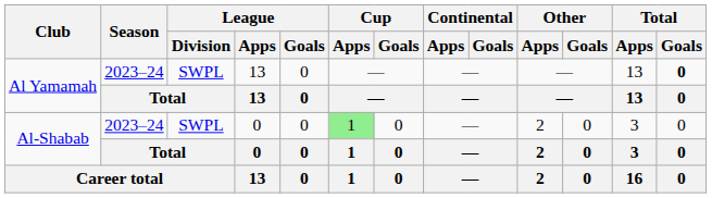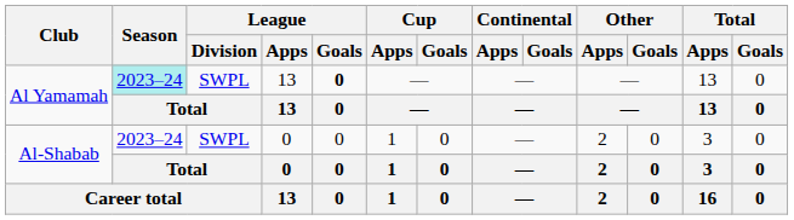 <table class="wikitable" style="text-align: center;">
 <tr>
 <th rowspan="2">Club</th>
 <th rowspan="2">Season</th>
 <th colspan="3">League</th>
 <th colspan="2">Cup</th>
 <th colspan="2">Continental</th>
 <th colspan="2">Other</th>
 <th colspan="2">Total</th>
 </tr>
 <tr>
 <th>Division</th>
 <th>Apps</th>
 <th>Goals</th>
 <th>Apps</th>
 <th>Goals</th>
 <th>Apps</th>
 <th>Goals</th>
 <th>Apps</th>
 <th>Goals</th>
 <th>Apps</th>
 <th>Goals</th>
 </tr>
 <tr>
 <td rowspan="2"><a href='#'>Al Yamamah</a></td>
-<td><a href='#'>2023–24</a></td>
+<td style="background: paleturquoise;"><a href='#'>2023–24</a></td>
 <td rowspan="1"><a href='#'>SWPL</a></td>
 <td>13</td>
-<td>0</td>
+<td><strong>0</strong></td>
 <td colspan="2">—</td>
 <td colspan="2">—</td>
 <td colspan="2">—</td>
 <td>13</td>
-<td><strong>0</strong></td>
+<td>0</td>
 </tr>
 <tr>
 <th colspan="2">Total</th>
 <th>13</th>
 <th>0</th>
 <th colspan="2">—</th>
 <th colspan="2">—</th>
 <th colspan="2">—</th>
 <th>13</th>
 <th>0</th>
 </tr>
 <tr>
 <td rowspan="2"><a href='#'>Al-Shabab</a></td>
 <td><a href='#'>2023–24</a></td>
 <td rowspan="1"><a href='#'>SWPL</a></td>
 <td>0</td>
 <td>0</td>
-<td style="background: lightgreen;">1</td>
+<td>1</td>
 <td>0</td>
 <td colspan="2">—</td>
 <td>2</td>
 <td>0</td>
 <td>3</td>
 <td>0</td>
 </tr>
 <tr>
 <th colspan="2">Total</th>
 <th>0</th>
 <th>0</th>
 <th>1</th>
 <th>0</th>
 <th colspan="2">—</th>
 <th>2</th>
 <th>0</th>
 <th>3</th>
 <th>0</th>
 </tr>
 <tr>
 <th colspan="3">Career total</th>
 <th>13</th>
 <th>0</th>
 <th>1</th>
 <th>0</th>
 <th colspan="2">—</th>
 <th>2</th>
 <th>0</th>
 <th>16</th>
 <th>0</th>
 </tr>
 </table>
